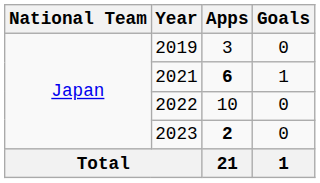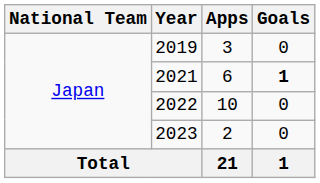 <table class="wikitable" style="text-align:center">
 <tr>
 <th>National Team</th>
 <th>Year</th>
 <th>Apps</th>
 <th>Goals</th>
 </tr>
 <tr>
 <td rowspan="4"><a href='#'>Japan</a></td>
 <td>2019</td>
 <td>3</td>
 <td>0</td>
 </tr>
 <tr>
 <td>2021</td>
-<td><strong>6</strong></td>
-<td>1</td>
+<td>6</td>
+<td><strong>1</strong></td>
 </tr>
 <tr>
 <td>2022</td>
 <td>10</td>
 <td>0</td>
 </tr>
 <tr>
 <td>2023</td>
-<td><strong>2</strong></td>
+<td>2</td>
 <td>0</td>
 </tr>
 <tr>
 <th colspan="2">Total</th>
 <th>21</th>
 <th>1</th>
 </tr>
 </table>
